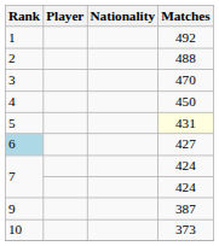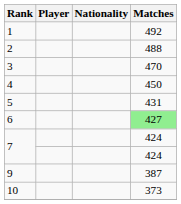 <table class="wikitable sortable">
 <tr>
 <th>Rank</th>
 <th>Player</th>
 <th>Nationality</th>
 <th>Matches</th>
 </tr>
 <tr>
 <td>1</td>
 <td><strong></strong></td>
 <td></td>
 <td align=center>492</td>
 </tr>
 <tr>
 <td>2</td>
 <td><strong></strong></td>
 <td></td>
 <td align=center>488</td>
 </tr>
 <tr>
 <td>3</td>
 <td></td>
 <td></td>
 <td align=center>470</td>
 </tr>
 <tr>
 <td>4</td>
 <td></td>
 <td></td>
 <td align=center>450</td>
 </tr>
 <tr>
 <td>5</td>
 <td></td>
 <td></td>
-<td align=center style="background: lightyellow;">431</td>
+<td align=center>431</td>
 </tr>
 <tr>
-<td style="background: lightblue;">6</td>
+<td>6</td>
 <td><strong></strong></td>
 <td></td>
-<td align=center>427</td>
+<td align=center style="background: lightgreen;">427</td>
 </tr>
 <tr>
 <td rowspan=2>7</td>
 <td></td>
 <td></td>
 <td align=center>424</td>
 </tr>
 <tr>
 <td></td>
 <td></td>
 <td align=center>424</td>
 </tr>
 <tr>
 <td>9</td>
 <td></td>
 <td></td>
 <td align=center>387</td>
 </tr>
 <tr>
 <td>10</td>
 <td></td>
 <td></td>
 <td align=center>373</td>
 </tr>
 <tr>
 </tr>
 </table>
